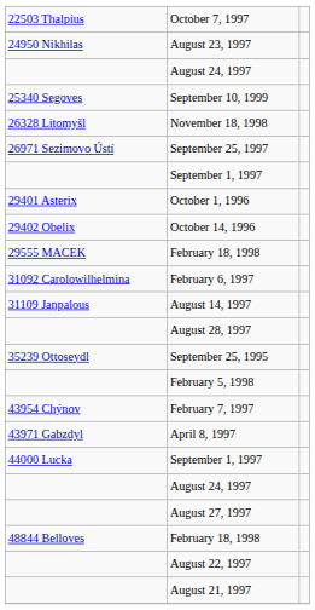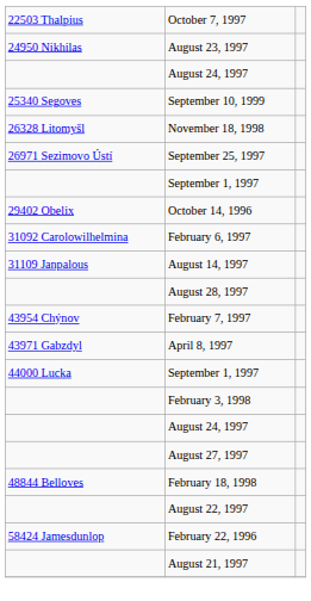 <table class="wikitable" style="font-size: 89%; float: left; width: 25em; margin-right: 1em; line-height: 1.65em !important; height: 675px;">
 <tr>
 <td><a href='#'>22503 Thalpius</a></td>
 <td>October 7, 1997</td>
 <td> </td>
 </tr>
 <tr>
 <td><a href='#'>24950 Nikhilas</a></td>
 <td>August 23, 1997</td>
 <td></td>
 </tr>
 <tr>
 <td></td>
 <td>August 24, 1997</td>
 <td></td>
 </tr>
 <tr>
 <td><a href='#'>25340 Segoves</a></td>
 <td>September 10, 1999</td>
 <td> </td>
 </tr>
 <tr>
 <td><a href='#'>26328 Litomyšl</a></td>
 <td>November 18, 1998</td>
 <td> </td>
 </tr>
 <tr>
 <td><a href='#'>26971 Sezimovo Ústí</a></td>
 <td>September 25, 1997</td>
 <td> </td>
 </tr>
 <tr>
 <td></td>
 <td>September 1, 1997</td>
 <td></td>
 </tr>
 <tr>
-<td><a href='#'>29401 Asterix</a></td>
-<td>October 1, 1996</td>
-<td> </td>
-</tr>
-<tr>
 <td><a href='#'>29402 Obelix</a></td>
 <td>October 14, 1996</td>
-<td> </td>
-</tr>
-<tr>
-<td><a href='#'>29555 MACEK</a></td>
-<td>February 18, 1998</td>
 <td> </td>
 </tr>
 <tr>
 <td><a href='#'>31092 Carolowilhelmina</a></td>
 <td>February 6, 1997</td>
 <td> </td>
 </tr>
 <tr>
 <td><a href='#'>31109 Janpalous</a></td>
 <td>August 14, 1997</td>
 <td> </td>
 </tr>
 <tr>
 <td></td>
 <td>August 28, 1997</td>
 <td></td>
 </tr>
 <tr>
-<td><a href='#'>35239 Ottoseydl</a></td>
-<td>September 25, 1995</td>
-<td> </td>
-</tr>
-<tr>
-<td></td>
-<td>February 5, 1998</td>
-<td> </td>
-</tr>
-<tr>
 <td><a href='#'>43954 Chýnov</a></td>
 <td>February 7, 1997</td>
 <td> </td>
 </tr>
 <tr>
 <td><a href='#'>43971 Gabzdyl</a></td>
 <td>April 8, 1997</td>
 <td> </td>
 </tr>
 <tr>
 <td><a href='#'>44000 Lucka</a></td>
 <td>September 1, 1997</td>
 <td></td>
+</tr>
+<tr>
+<td></td>
+<td>February 3, 1998</td>
+<td> </td>
 </tr>
 <tr>
 <td></td>
 <td>August 24, 1997</td>
 <td></td>
 </tr>
 <tr>
 <td></td>
 <td>August 27, 1997</td>
 <td></td>
 </tr>
 <tr>
 <td><a href='#'>48844 Belloves</a></td>
 <td>February 18, 1998</td>
 <td> </td>
 </tr>
 <tr>
 <td></td>
 <td>August 22, 1997</td>
 <td></td>
 </tr>
 <tr>
+<td><a href='#'>58424 Jamesdunlop</a></td>
+<td>February 22, 1996</td>
+<td> </td>
+</tr>
+<tr>
 <td></td>
 <td>August 21, 1997</td>
 <td></td>
 </tr>
 <tr>
 </tr>
 </table>
